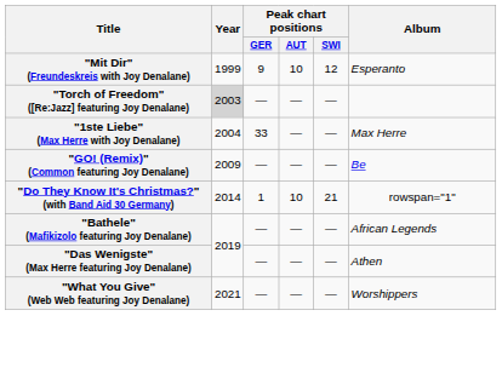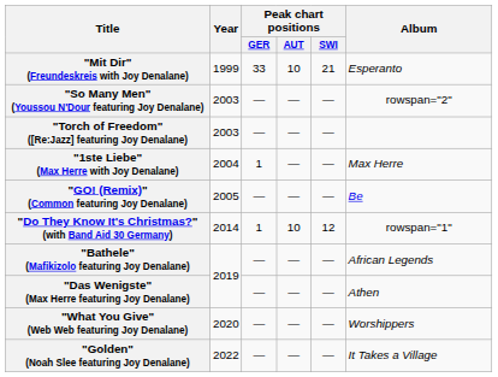 <table class="wikitable plainrowheaders" style="text-align:center;">
 <tr>
 <th scope="col" rowspan="2" style="width:17em;">Title</th>
 <th scope="col" rowspan="2">Year</th>
 <th scope="col" colspan="3">Peak chart positions</th>
 <th scope="col" rowspan="2" style="width:12em;">Album</th>
 </tr>
 <tr>
 <th style="width:3em;font-size:85%"><a href='#'>GER</a><br></th>
 <th style="width:3em;font-size:85%"><a href='#'>AUT</a><br></th>
 <th style="width:3em;font-size:85%"><a href='#'>SWI</a><br></th>
 </tr>
 <tr>
 <th scope="row">"Mit Dir" <br> <small>(<a href='#'>Freundeskreis</a> with Joy Denalane)</small></th>
 <td style="text-align:center;">1999</td>
-<td style="text-align:center;">9</td>
+<td style="text-align:center;">33</td>
 <td style="text-align:center;">10</td>
-<td style="text-align:center;">12</td>
+<td style="text-align:center;">21</td>
 <td style="text-align:left;"><em>Esperanto</em></td>
 </tr>
 <tr>
+<th scope="row">"So Many Men" <br> <small>(<a href='#'>Youssou N'Dour</a> featuring Joy Denalane)</small></th>
+<td style="text-align:center;">2003</td>
+<td style="text-align:center;">—</td>
+<td style="text-align:center;">—</td>
+<td style="text-align:center;">—</td>
+<td>rowspan="2" </td>
+</tr>
+<tr>
 <th scope="row">"Torch of Freedom" <br> <small>([Re:Jazz] featuring Joy Denalane)</small></th>
-<td style="background: lightgrey; text-align:center;">2003</td>
+<td style="text-align:center;">2003</td>
 <td style="text-align:center;">—</td>
 <td style="text-align:center;">—</td>
 <td style="text-align:center;">—</td>
 </tr>
 <tr>
 <th scope="row">"1ste Liebe" <br> <small>(<a href='#'>Max Herre</a> with Joy Denalane)</small></th>
 <td style="text-align:center;">2004</td>
-<td style="text-align:center;">33</td>
+<td style="text-align:center;">1</td>
 <td style="text-align:center;">—</td>
 <td style="text-align:center;">—</td>
 <td style="text-align:left;"><em>Max Herre</em></td>
 </tr>
 <tr>
 <th scope="row">"<a href='#'>GO! (Remix)</a>" <br> <small>(<a href='#'>Common</a> featuring Joy Denalane)</small></th>
-<td style="text-align:center;">2009</td>
+<td style="text-align:center;">2005</td>
 <td style="text-align:center;">—</td>
 <td style="text-align:center;">—</td>
 <td style="text-align:center;">—</td>
 <td style="text-align:left;"><em><a href='#'>Be</a></em></td>
 </tr>
 <tr>
 <th scope="row">"<a href='#'>Do They Know It's Christmas?</a>" <br> <small>(with <a href='#'>Band Aid 30 Germany</a>)</small></th>
 <td style="text-align:center;">2014</td>
 <td style="text-align:center;">1</td>
 <td style="text-align:center;">10</td>
-<td style="text-align:center;">21</td>
+<td style="text-align:center;">12</td>
 <td>rowspan="1" </td>
 </tr>
 <tr>
 <th scope="row">"Bathele" <br> <small>(<a href='#'>Mafikizolo</a> featuring Joy Denalane)</small></th>
 <td style="text-align:center;" rowspan="2">2019</td>
 <td style="text-align:center;">—</td>
 <td style="text-align:center;">—</td>
 <td style="text-align:center;">—</td>
 <td style="text-align:left;"><em>African Legends</em></td>
 </tr>
 <tr>
 <th scope="row">"Das Wenigste" <br> <small>(Max Herre featuring Joy Denalane)</small></th>
 <td style="text-align:center;">—</td>
 <td style="text-align:center;">—</td>
 <td style="text-align:center;">—</td>
 <td style="text-align:left;"><em>Athen</em></td>
 </tr>
 <tr>
 <th scope="row">"What You Give" <br> <small>(Web Web featuring Joy Denalane)</small></th>
-<td style="text-align:center;">2021</td>
+<td style="text-align:center;">2020</td>
 <td style="text-align:center;">—</td>
 <td style="text-align:center;">—</td>
 <td style="text-align:center;">—</td>
 <td style="text-align:left;"><em>Worshippers</em></td>
 </tr>
+<tr>
+<th scope="row">"Golden" <br> <small>(Noah Slee featuring Joy Denalane)</small></th>
+<td style="text-align:center;">2022</td>
+<td style="text-align:center;">—</td>
+<td style="text-align:center;">—</td>
+<td style="text-align:center;">—</td>
+<td style="text-align:left;"><em>It Takes a Village</em></td>
+</tr>
 </table>
